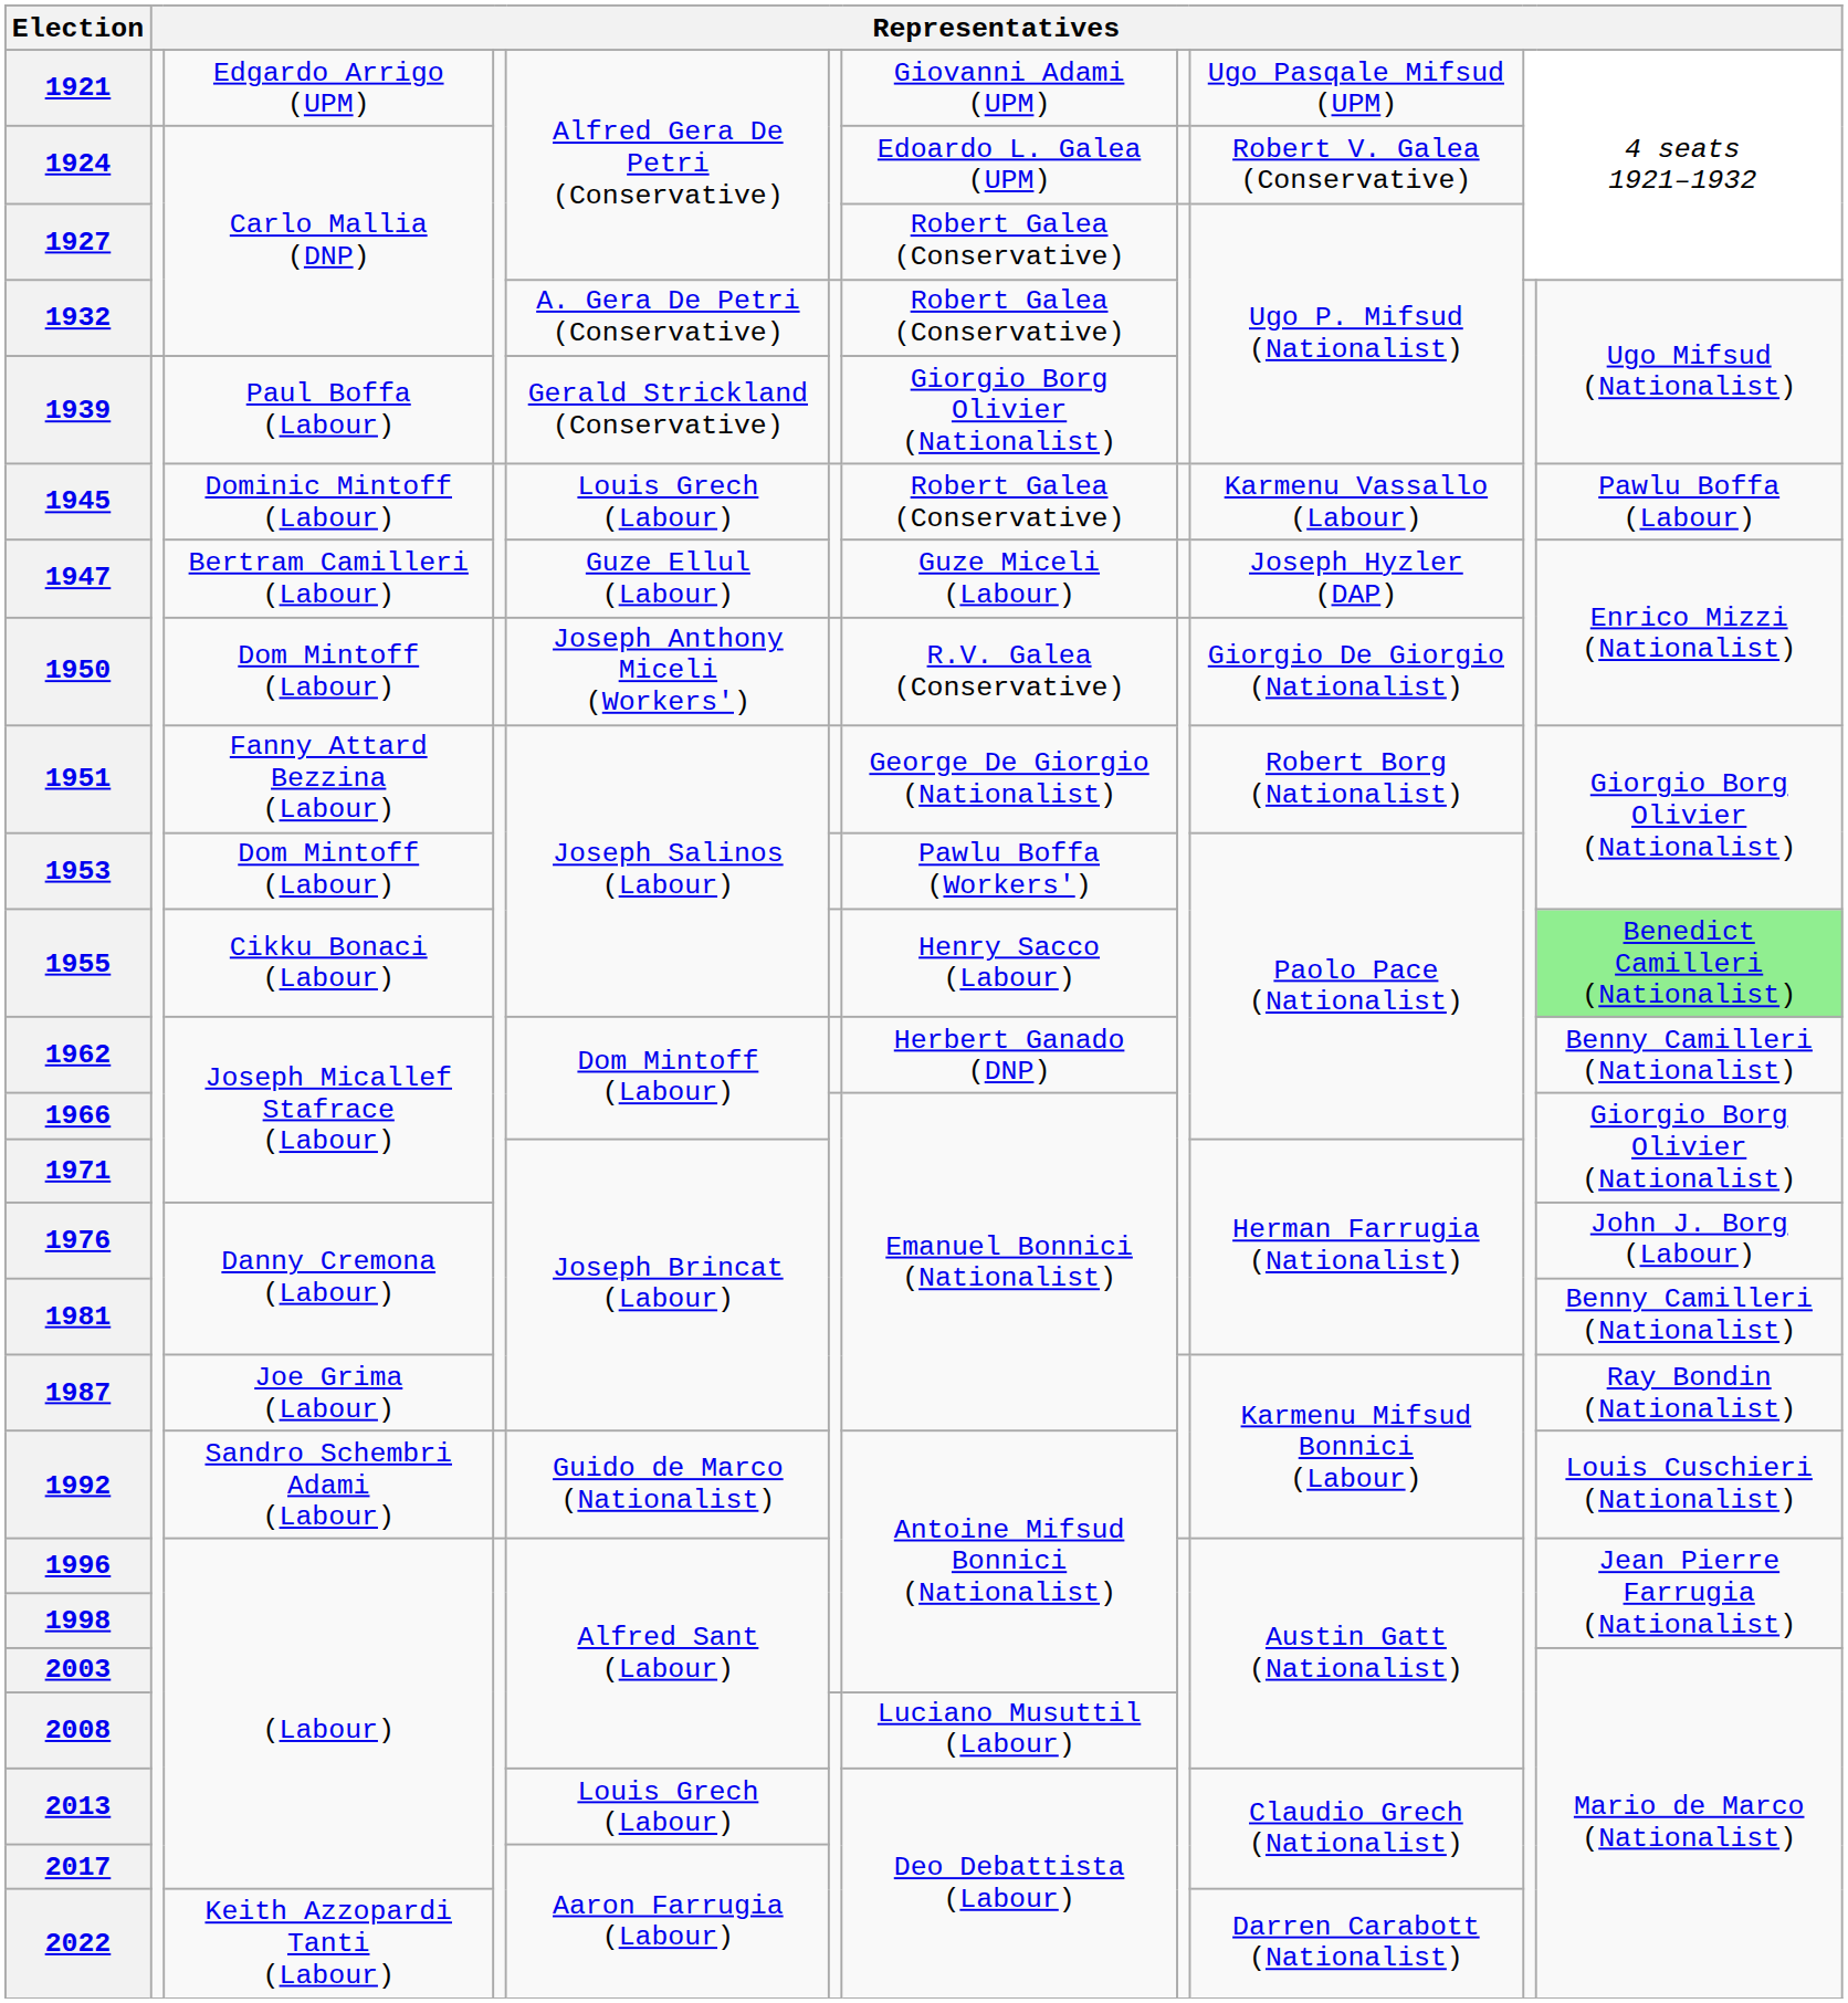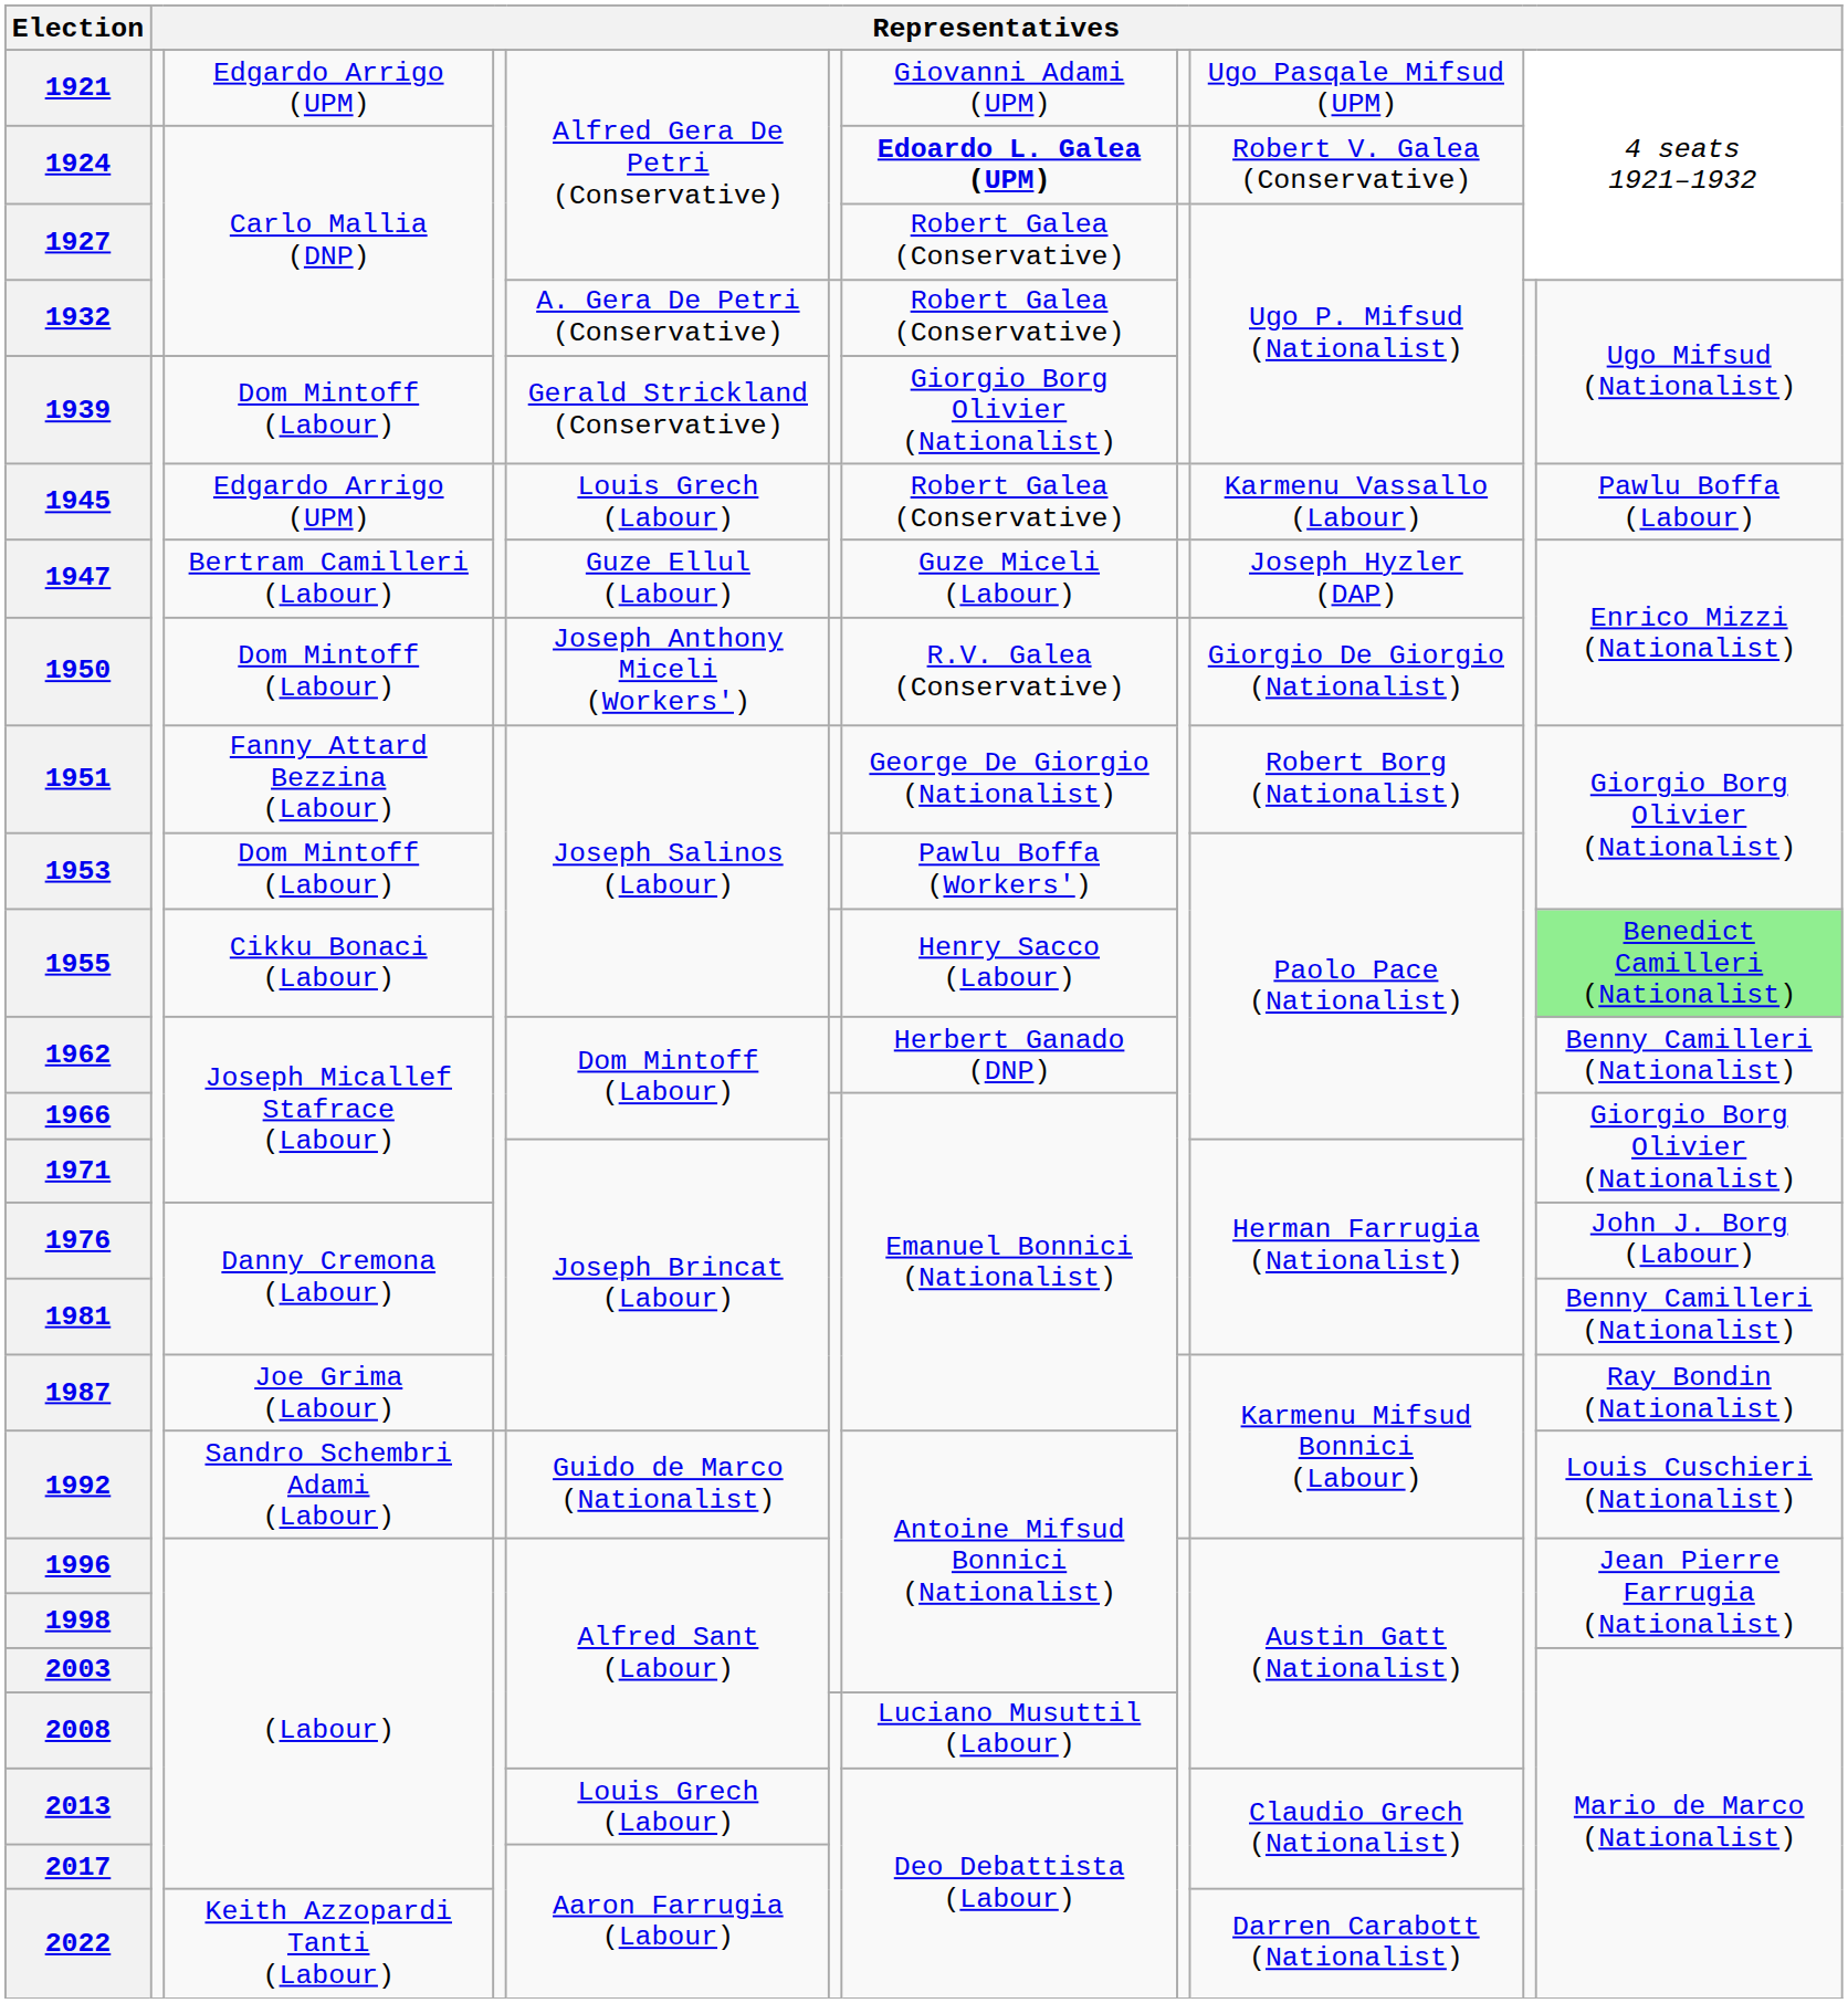 <table class="wikitable" style="text-align:center">
 <tr>
 <th>Election</th>
 <th colspan=10>Representatives</th>
 </tr>
 <tr>
 <th><a href='#'>1921</a></th>
 <td rowspan=1; style="background-color: "></td>
 <td rowspan=1><a href='#'>Edgardo Arrigo</a><br>(<a href='#'>UPM</a>)</td>
 <td rowspan=5; style="background-color: "></td>
 <td rowspan=3><a href='#'>Alfred Gera De Petri</a><br>(Conservative)</td>
 <td rowspan=3; style="background-color: "></td>
 <td rowspan=1><a href='#'>Giovanni Adami</a><br>(<a href='#'>UPM</a>)</td>
 <td rowspan=1; style="background-color: "></td>
 <td><a href='#'>Ugo Pasqale Mifsud</a><br>(<a href='#'>UPM</a>)</td>
 <td style="background-color:#FFFFFF" rowspan=3 colspan=2><em>4 seats<br>1921–1932</em></td>
 </tr>
 <tr>
 <th><a href='#'>1924</a></th>
 <td rowspan=3; style="background-color: "></td>
 <td rowspan=3><a href='#'>Carlo Mallia</a><br>(<a href='#'>DNP</a>)</td>
-<td rowspan=1><a href='#'>Edoardo L. Galea</a><br>(<a href='#'>UPM</a>)</td>
+<td rowspan=1><strong><a href='#'>Edoardo L. Galea</a><br>(<a href='#'>UPM</a>)</strong></td>
 <td rowspan=1; style="background-color: "></td>
 <td rowspan=1><a href='#'>Robert V. Galea</a><br>(Conservative)</td>
 </tr>
 <tr>
 <th><a href='#'>1927</a></th>
 <td rowspan=1><a href='#'>Robert Galea</a><br>(Conservative)</td>
 <td rowspan=3; style="background-color: "></td>
 <td rowspan=3><a href='#'>Ugo P. Mifsud</a><br>(<a href='#'>Nationalist</a>)</td>
 </tr>
 <tr>
 <th><a href='#'>1932</a></th>
 <td rowspan=1><a href='#'>A. Gera De Petri</a><br>(Conservative)</td>
 <td rowspan=2; style="background-color: "></td>
 <td rowspan=1><a href='#'>Robert Galea</a><br>(Conservative)</td>
 <td rowspan=22; style="background-color: "></td>
 <td rowspan=2><a href='#'>Ugo Mifsud</a><br>(<a href='#'>Nationalist</a>)</td>
 </tr>
 <tr>
 <th><a href='#'>1939</a></th>
 <td rowspan=21; style="background-color: "></td>
-<td rowspan=1><a href='#'>Paul Boffa</a><br>(<a href='#'>Labour</a>)</td>
+<td rowspan=1><a href='#'>Dom Mintoff</a><br>(<a href='#'>Labour</a>)</td>
 <td rowspan=1><a href='#'>Gerald Strickland</a><br>(Conservative)</td>
 <td rowspan=1><a href='#'>Giorgio Borg Olivier</a><br>(<a href='#'>Nationalist</a>)</td>
 </tr>
 <tr>
 <th><a href='#'>1945</a></th>
-<td rowspan=1><a href='#'>Dominic Mintoff</a><br>(<a href='#'>Labour</a>)</td>
+<td rowspan=1><a href='#'>Edgardo Arrigo</a><br>(<a href='#'>UPM</a>)</td>
 <td rowspan=2; style="background-color: "></td>
 <td rowspan=1><a href='#'>Louis Grech</a><br>(<a href='#'>Labour</a>)</td>
 <td rowspan=2; style="background-color: "></td>
 <td rowspan=1><a href='#'>Robert Galea</a><br>(Conservative)</td>
 <td rowspan=1; style="background-color: "></td>
 <td rowspan=1><a href='#'>Karmenu Vassallo</a><br>(<a href='#'>Labour</a>)</td>
 <td rowspan=1><a href='#'>Pawlu Boffa</a><br>(<a href='#'>Labour</a>)</td>
 </tr>
 <tr>
 <th><a href='#'>1947</a></th>
 <td rowspan=1><a href='#'>Bertram Camilleri</a><br>(<a href='#'>Labour</a>)</td>
 <td rowspan=1><a href='#'>Guze Ellul</a><br>(<a href='#'>Labour</a>)</td>
 <td rowspan=1><a href='#'>Guze Miceli</a><br>(<a href='#'>Labour</a>)</td>
 <td rowspan=1; style="background-color: "></td>
 <td rowspan=1><a href='#'>Joseph Hyzler</a><br>(<a href='#'>DAP</a>)</td>
 <td rowspan=2><a href='#'>Enrico Mizzi</a><br>(<a href='#'>Nationalist</a>)</td>
 </tr>
 <tr>
 <th><a href='#'>1950</a></th>
 <td rowspan=1><a href='#'>Dom Mintoff</a><br>(<a href='#'>Labour</a>)</td>
 <td rowspan=1; style="background-color: "></td>
 <td rowspan=1><a href='#'>Joseph Anthony Miceli</a><br>(<a href='#'>Workers'</a>)</td>
 <td rowspan=1; style="background-color: "></td>
 <td rowspan=1><a href='#'>R.V. Galea</a><br>(Conservative)</td>
 <td rowspan=9; style="background-color: "></td>
 <td rowspan=1><a href='#'>Giorgio De Giorgio</a><br>(<a href='#'>Nationalist</a>)</td>
 </tr>
 <tr>
 <th><a href='#'>1951</a></th>
 <td rowspan=1><a href='#'>Fanny Attard Bezzina</a><br>(<a href='#'>Labour</a>)</td>
 <td rowspan=9; style="background-color: "></td>
 <td rowspan=3><a href='#'>Joseph Salinos</a><br>(<a href='#'>Labour</a>)</td>
 <td rowspan=1; style="background-color: "></td>
 <td rowspan=1><a href='#'>George De Giorgio</a><br>(<a href='#'>Nationalist</a>)</td>
 <td rowspan=1><a href='#'>Robert Borg</a><br>(<a href='#'>Nationalist</a>)</td>
 <td rowspan=2><a href='#'>Giorgio Borg Olivier</a><br>(<a href='#'>Nationalist</a>)</td>
 </tr>
 <tr>
 <th><a href='#'>1953</a></th>
 <td rowspan=1><a href='#'>Dom Mintoff</a><br>(<a href='#'>Labour</a>)</td>
 <td rowspan=1; style="background-color: "></td>
 <td><a href='#'>Pawlu Boffa</a><br>(<a href='#'>Workers'</a>)</td>
 <td rowspan=4><a href='#'>Paolo Pace</a><br>(<a href='#'>Nationalist</a>)</td>
 </tr>
 <tr>
 <th><a href='#'>1955</a></th>
 <td rowspan=1><a href='#'>Cikku Bonaci</a><br>(<a href='#'>Labour</a>)</td>
 <td rowspan=1; style="background-color: "></td>
 <td rowspan=1><a href='#'>Henry Sacco</a><br>(<a href='#'>Labour</a>)</td>
 <td rowspan=1 style="background: lightgreen;"><a href='#'>Benedict Camilleri</a><br>(<a href='#'>Nationalist</a>)</td>
 </tr>
 <tr>
 <th><a href='#'>1962</a></th>
 <td rowspan=3><a href='#'>Joseph Micallef Stafrace</a><br>(<a href='#'>Labour</a>)</td>
 <td rowspan=2><a href='#'>Dom Mintoff</a><br>(<a href='#'>Labour</a>)</td>
 <td rowspan=1; style="background-color: "></td>
 <td rowspan=1><a href='#'>Herbert Ganado</a><br>(<a href='#'>DNP</a>)</td>
 <td rowspan=1><a href='#'>Benny Camilleri</a><br>(<a href='#'>Nationalist</a>)</td>
 </tr>
 <tr>
 <th><a href='#'>1966</a></th>
 <td rowspan=9; style="background-color: "></td>
 <td rowspan=5><a href='#'>Emanuel Bonnici</a><br>(<a href='#'>Nationalist</a>)</td>
 <td rowspan=2><a href='#'>Giorgio Borg Olivier</a><br>(<a href='#'>Nationalist</a>)</td>
 </tr>
 <tr>
 <th><a href='#'>1971</a></th>
 <td rowspan=4><a href='#'>Joseph Brincat</a><br>(<a href='#'>Labour</a>)</td>
 <td rowspan=3><a href='#'>Herman Farrugia</a><br>(<a href='#'>Nationalist</a>)</td>
 </tr>
 <tr>
 <th><a href='#'>1976</a></th>
 <td rowspan=2><a href='#'>Danny Cremona</a><br>(<a href='#'>Labour</a>)</td>
 <td rowspan=1><a href='#'>John J. Borg</a><br>(<a href='#'>Labour</a>)</td>
 </tr>
 <tr>
 <th><a href='#'>1981</a></th>
 <td rowspan=1><a href='#'>Benny Camilleri</a><br>(<a href='#'>Nationalist</a>)</td>
 </tr>
 <tr>
 <th><a href='#'>1987</a></th>
 <td rowspan=1><a href='#'>Joe Grima</a><br>(<a href='#'>Labour</a>)</td>
 <td rowspan=2; style="background-color: "></td>
 <td rowspan=2><a href='#'>Karmenu Mifsud Bonnici</a><br>(<a href='#'>Labour</a>)</td>
 <td rowspan=1><a href='#'>Ray Bondin</a><br>(<a href='#'>Nationalist</a>)</td>
 </tr>
 <tr>
 <th><a href='#'>1992</a></th>
 <td rowspan=1><a href='#'>Sandro Schembri Adami</a><br>(<a href='#'>Labour</a>)</td>
 <td rowspan=1; style="background-color: "></td>
 <td rowspan=1><a href='#'>Guido de Marco</a><br>(<a href='#'>Nationalist</a>)</td>
 <td rowspan=4><a href='#'>Antoine Mifsud Bonnici</a><br>(<a href='#'>Nationalist</a>)</td>
 <td rowspan=1><a href='#'>Louis Cuschieri</a><br>(<a href='#'>Nationalist</a>)</td>
 </tr>
 <tr>
 <th><a href='#'>1996</a></th>
 <td rowspan=6><br>(<a href='#'>Labour</a>)</td>
 <td rowspan=7; style="background-color: "></td>
 <td rowspan=4><a href='#'>Alfred Sant</a><br>(<a href='#'>Labour</a>)</td>
 <td rowspan=7; style="background-color: "></td>
 <td rowspan=4><a href='#'>Austin Gatt</a><br>(<a href='#'>Nationalist</a>)</td>
 <td rowspan=2><a href='#'>Jean Pierre Farrugia</a><br>(<a href='#'>Nationalist</a>)</td>
 </tr>
 <tr>
 <th><a href='#'>1998</a></th>
 </tr>
 <tr>
 <th><a href='#'>2003</a></th>
 <td rowspan=5><a href='#'>Mario de Marco</a><br>(<a href='#'>Nationalist</a>)</td>
 </tr>
 <tr>
 <th><a href='#'>2008</a></th>
 <td rowspan=4; style="background-color: "></td>
 <td rowspan=1><a href='#'>Luciano Musuttil</a><br>(<a href='#'>Labour</a>)</td>
 </tr>
 <tr>
 <th><a href='#'>2013</a></th>
 <td rowspan=1><a href='#'>Louis Grech</a><br>(<a href='#'>Labour</a>)</td>
 <td rowspan=3><a href='#'>Deo Debattista</a><br>(<a href='#'>Labour</a>)</td>
 <td rowspan=2><a href='#'>Claudio Grech</a><br>(<a href='#'>Nationalist</a>)</td>
 </tr>
 <tr>
 <th><a href='#'>2017</a></th>
 <td rowspan=2><a href='#'>Aaron Farrugia</a><br>(<a href='#'>Labour</a>)</td>
 </tr>
 <tr>
 <th><a href='#'>2022</a></th>
 <td rowspan=1><a href='#'>Keith Azzopardi Tanti</a><br>(<a href='#'>Labour</a>)</td>
 <td rowspan=1><a href='#'>Darren Carabott</a><br>(<a href='#'>Nationalist</a>)</td>
 </tr>
 </table>
